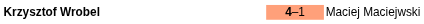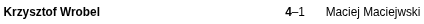 <table width="50%" cellspacing="1">
 <tr>
 <th width=45%></th>
 <th width=10%></th>
 <th width=45%></th>
 </tr>
 <tr>
 <td> <strong>Krzysztof Wrobel</strong></td>
-<td align="center" style="background: lightsalmon;"><strong>4</strong>–1</td>
+<td align="center"><strong>4</strong>–1</td>
 <td> Maciej Maciejwski</td>
 </tr>
 </table>
